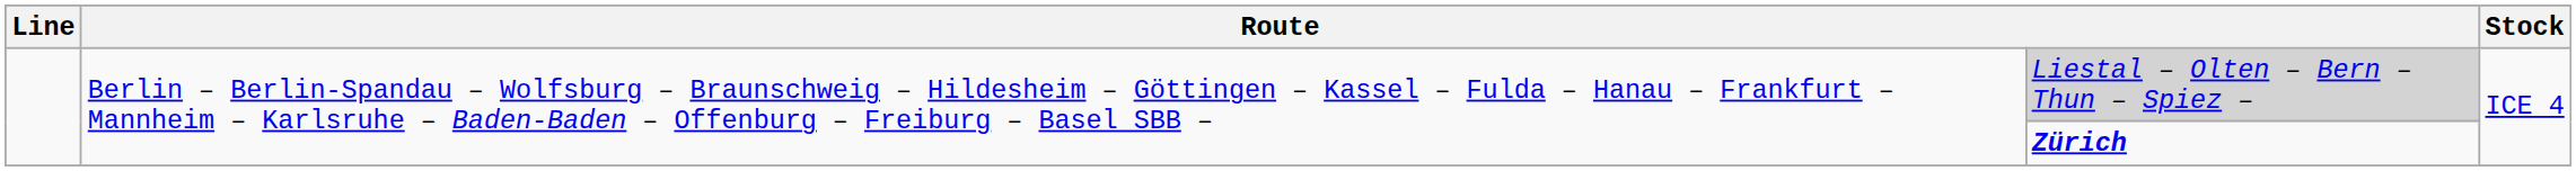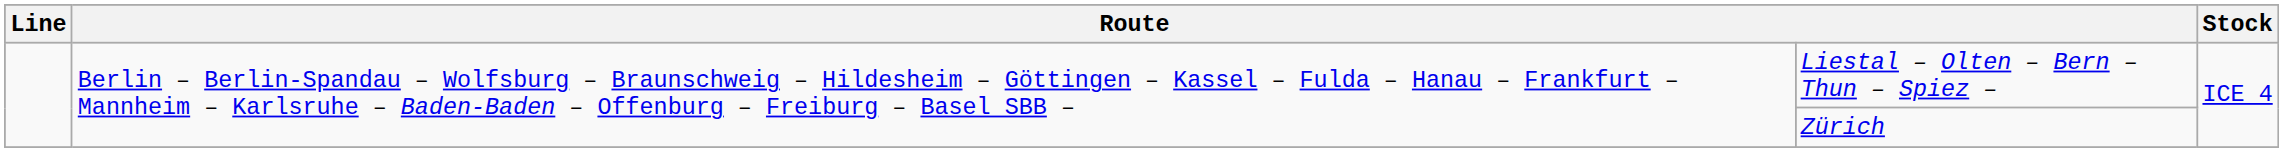 <table class="wikitable" width="100%">
 <tr class="hintergrundfarbe5">
 <th>Line</th>
 <th colspan="2">Route</th>
 <th>Stock</th>
 </tr>
 <tr>
 <td rowspan=2></td>
 <td rowspan=2> <a href='#'>Berlin</a> – <a href='#'>Berlin-Spandau</a> – <a href='#'>Wolfsburg</a> – <a href='#'>Braunschweig</a> – <a href='#'>Hildesheim</a> – <a href='#'>Göttingen</a> – <a href='#'>Kassel</a> – <a href='#'>Fulda</a> – <a href='#'>Hanau</a> – <a href='#'>Frankfurt</a> – <a href='#'>Mannheim</a> – <a href='#'>Karlsruhe</a> – <em><a href='#'>Baden-Baden</a></em> – <a href='#'>Offenburg</a> – <a href='#'>Freiburg</a> –  <a href='#'>Basel SBB</a> –</td>
-<td style="background: lightgrey;"><em><a href='#'>Liestal</a> – <a href='#'>Olten</a> – <a href='#'>Bern</a> – <a href='#'>Thun</a> – <a href='#'>Spiez</a> –  </em></td>
+<td><em><a href='#'>Liestal</a> – <a href='#'>Olten</a> – <a href='#'>Bern</a> – <a href='#'>Thun</a> – <a href='#'>Spiez</a> –  </em></td>
 <td rowspan=2><a href='#'>ICE 4</a></td>
 </tr>
 <tr>
-<td><strong><em> <a href='#'>Zürich</a></em></strong></td>
+<td><em> <a href='#'>Zürich</a></em></td>
 </tr>
 </table>
